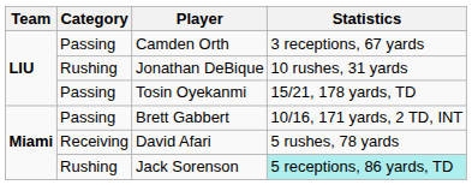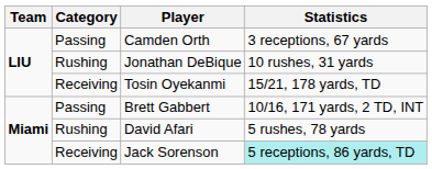 <table class="wikitable" style="float: left;">
 <tr>
 <th>Team</th>
 <th>Category</th>
 <th>Player</th>
 <th>Statistics</th>
 </tr>
 <tr>
 <td rowspan=3><strong>LIU</strong></td>
 <td>Passing</td>
 <td>Camden Orth</td>
 <td>3 receptions, 67 yards</td>
 </tr>
 <tr>
 <td>Rushing</td>
 <td>Jonathan DeBique</td>
 <td>10 rushes, 31 yards</td>
 </tr>
 <tr>
-<td>Passing</td>
+<td>Receiving</td>
 <td>Tosin Oyekanmi</td>
 <td>15/21, 178 yards, TD</td>
 </tr>
 <tr>
 <td rowspan=3><strong>Miami</strong></td>
 <td>Passing</td>
 <td>Brett Gabbert</td>
 <td>10/16, 171 yards, 2 TD, INT</td>
 </tr>
 <tr>
-<td>Receiving</td>
+<td>Rushing</td>
 <td>David Afari</td>
 <td>5 rushes, 78 yards</td>
 </tr>
 <tr>
-<td>Rushing</td>
+<td>Receiving</td>
 <td>Jack Sorenson</td>
 <td style="background: paleturquoise;">5 receptions, 86 yards, TD</td>
 </tr>
 </table>
